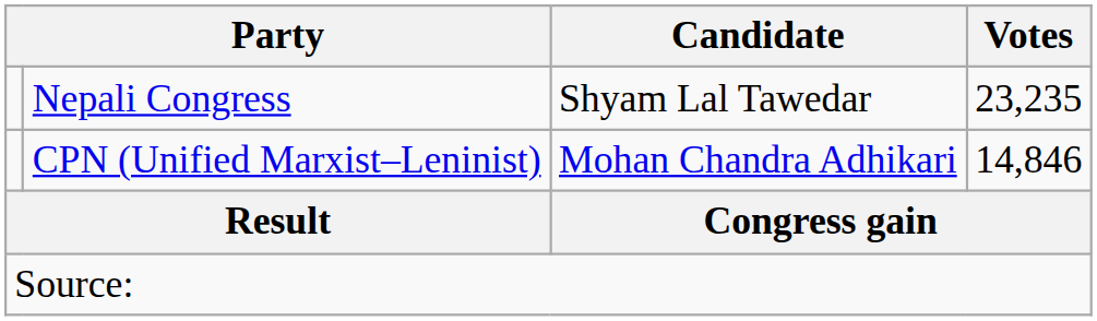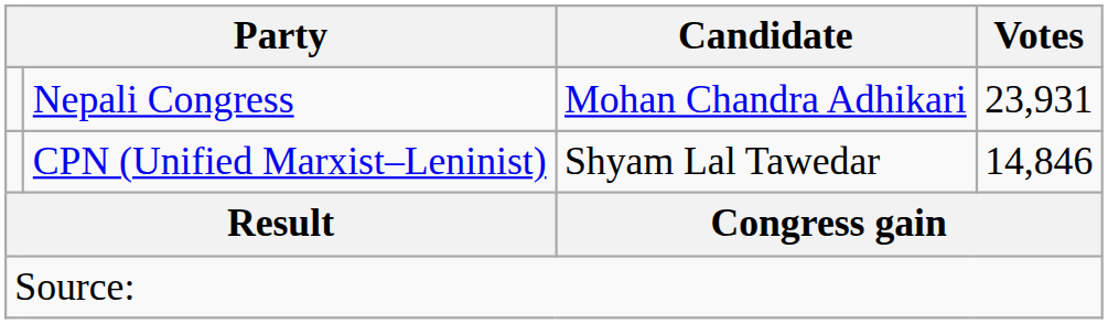 <table class="wikitable">
 <tr>
 <th colspan="2">Party</th>
 <th>Candidate</th>
 <th>Votes</th>
 </tr>
 <tr>
 <td style="background-color:"></td>
 <td><a href='#'>Nepali Congress</a></td>
-<td>Shyam Lal Tawedar</td>
-<td>23,235</td>
+<td><a href='#'>Mohan Chandra Adhikari</a></td>
+<td>23,931</td>
 </tr>
 <tr>
 <td style="background-color:"></td>
 <td><a href='#'>CPN (Unified Marxist–Leninist)</a></td>
-<td><a href='#'>Mohan Chandra Adhikari</a></td>
+<td>Shyam Lal Tawedar</td>
 <td>14,846</td>
 </tr>
 <tr>
 <th colspan="2">Result</th>
 <th colspan="2">Congress gain</th>
 </tr>
 <tr>
 <td colspan="4">Source: </td>
 </tr>
 </table>
